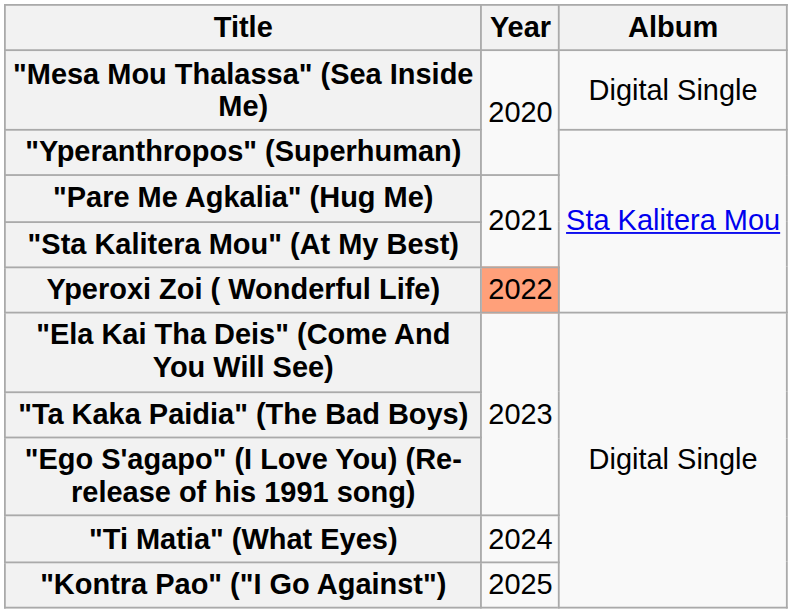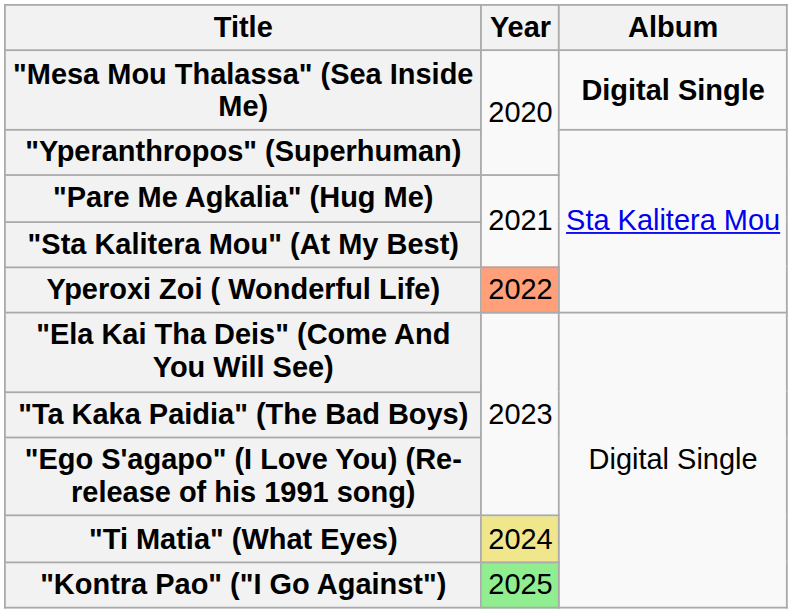 <table class="wikitable plainrowheaders" style="text-align:center;">
 <tr>
 <th scope="col" style="width:16em;">Title</th>
 <th scope="col">Year</th>
 <th scope="col">Album</th>
 </tr>
 <tr>
 <th scope="row">"Mesa Mou Thalassa" (Sea Inside Me)</th>
 <td rowspan="2">2020</td>
-<td>Digital Single</td>
+<td><strong>Digital Single</strong></td>
 </tr>
 <tr>
 <th scope="row">"Yperanthropos" (Superhuman)</th>
 <td rowspan="4"><a href='#'>Sta Kalitera Mou</a></td>
 </tr>
 <tr>
 <th scope="row">"Pare Me Agkalia" (Hug Me)</th>
 <td rowspan="2">2021</td>
 </tr>
 <tr>
 <th scope="row">"Sta Kalitera Mou" (At My Best)</th>
 </tr>
 <tr>
 <th scope="row">Yperoxi Zoi ( Wonderful Life)</th>
 <td style="background: lightsalmon;">2022</td>
 </tr>
 <tr>
 <th scope="row">"Ela Kai Tha Deis" (Come And You Will See)</th>
 <td rowspan="3">2023</td>
 <td rowspan="5">Digital Single</td>
 </tr>
 <tr>
 <th scope="row">"Ta Kaka Paidia" (The Bad Boys)</th>
 </tr>
 <tr>
 <th scope="row">"Ego S'agapo" (I Love You) (Re-release of his 1991 song)</th>
 </tr>
 <tr>
 <th scope="row">"Ti Matia" (What Eyes)</th>
-<td>2024</td>
+<td style="background: khaki;">2024</td>
 </tr>
 <tr>
 <th scope="row">"Kontra Pao" ("I Go Against")</th>
-<td>2025</td>
+<td style="background: lightgreen;">2025</td>
 </tr>
 </table>
